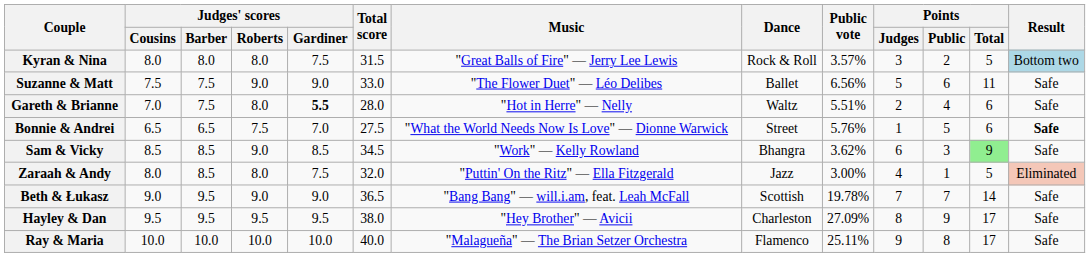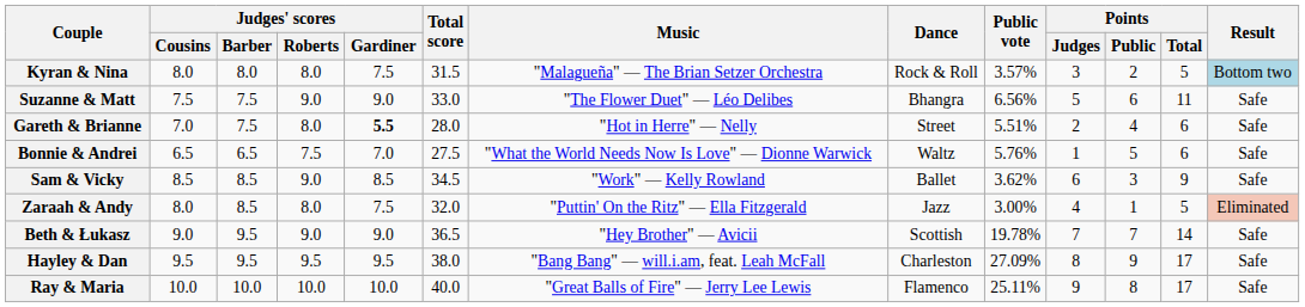 <table class="wikitable sortable" style="text-align:center; font-size:90%; width: 90%">
 <tr>
 <th scope="col" rowspan=2>Couple</th>
 <th scope="col" colspan=4 class="unsortable">Judges' scores</th>
 <th scope="col" rowspan=2>Total<br>score</th>
 <th scope="col" rowspan=2 class="unsortable">Music</th>
 <th scope="col" rowspan=2 class="unsortable">Dance</th>
 <th scope="col" rowspan=2>Public<br>vote</th>
 <th scope="col" colspan=3 class="unsortable">Points</th>
 <th scope="col" rowspan=2 class="unsortable">Result</th>
 </tr>
 <tr>
 <th class="unsortable">Cousins</th>
 <th class="unsortable">Barber</th>
 <th class="unsortable">Roberts</th>
 <th class="unsortable">Gardiner</th>
 <th class="unsortable">Judges</th>
 <th class="unsortable">Public</th>
 <th class="unsortable">Total</th>
 </tr>
 <tr>
 <th scope="row">Kyran & Nina</th>
 <td>8.0</td>
 <td>8.0</td>
 <td>8.0</td>
 <td>7.5</td>
 <td>31.5</td>
-<td>"<a href='#'>Great Balls of Fire</a>" — <a href='#'>Jerry Lee Lewis</a></td>
+<td>"<a href='#'>Malagueña</a>" — <a href='#'>The Brian Setzer Orchestra</a></td>
 <td>Rock & Roll</td>
 <td>3.57%</td>
 <td>3</td>
 <td>2</td>
 <td>5</td>
 <td bgcolor="lightblue">Bottom two</td>
 </tr>
 <tr>
 <th scope="row">Suzanne & Matt</th>
 <td>7.5</td>
 <td>7.5</td>
 <td>9.0</td>
 <td>9.0</td>
 <td>33.0</td>
 <td>"<a href='#'>The Flower Duet</a>" — <a href='#'>Léo Delibes</a></td>
-<td>Ballet</td>
+<td>Bhangra</td>
 <td>6.56%</td>
 <td>5</td>
 <td>6</td>
 <td>11</td>
 <td>Safe</td>
 </tr>
 <tr>
 <th scope="row">Gareth & Brianne</th>
 <td>7.0</td>
 <td>7.5</td>
 <td>8.0</td>
 <td><strong>5.5</strong></td>
 <td>28.0</td>
 <td>"<a href='#'>Hot in Herre</a>" — <a href='#'>Nelly</a></td>
-<td>Waltz</td>
+<td>Street</td>
 <td>5.51%</td>
 <td>2</td>
 <td>4</td>
 <td>6</td>
 <td>Safe</td>
 </tr>
 <tr>
 <th scope="row">Bonnie & Andrei</th>
 <td>6.5</td>
 <td>6.5</td>
 <td>7.5</td>
 <td>7.0</td>
 <td>27.5</td>
 <td>"<a href='#'>What the World Needs Now Is Love</a>" — <a href='#'>Dionne Warwick</a></td>
-<td>Street</td>
+<td>Waltz</td>
 <td>5.76%</td>
 <td>1</td>
 <td>5</td>
 <td>6</td>
-<td><strong>Safe</strong></td>
+<td>Safe</td>
 </tr>
 <tr>
 <th scope="row">Sam & Vicky</th>
 <td>8.5</td>
 <td>8.5</td>
 <td>9.0</td>
 <td>8.5</td>
 <td>34.5</td>
 <td>"<a href='#'>Work</a>" — <a href='#'>Kelly Rowland</a></td>
-<td>Bhangra</td>
+<td>Ballet</td>
 <td>3.62%</td>
 <td>6</td>
 <td>3</td>
-<td style="background: lightgreen;">9</td>
+<td>9</td>
 <td>Safe</td>
 </tr>
 <tr>
 <th scope="row">Zaraah & Andy</th>
 <td>8.0</td>
 <td>8.5</td>
 <td>8.0</td>
 <td>7.5</td>
 <td>32.0</td>
 <td>"<a href='#'>Puttin' On the Ritz</a>" — <a href='#'>Ella Fitzgerald</a></td>
 <td>Jazz</td>
 <td>3.00%</td>
 <td>4</td>
 <td>1</td>
 <td>5</td>
 <td bgcolor="f4c7b8">Eliminated</td>
 </tr>
 <tr>
 <th scope="row">Beth & Łukasz</th>
 <td>9.0</td>
 <td>9.5</td>
 <td>9.0</td>
 <td>9.0</td>
 <td>36.5</td>
-<td>"<a href='#'>Bang Bang</a>" — <a href='#'>will.i.am</a>, feat. <a href='#'>Leah McFall</a></td>
+<td>"<a href='#'>Hey Brother</a>" — <a href='#'>Avicii</a></td>
 <td>Scottish</td>
 <td>19.78%</td>
 <td>7</td>
 <td>7</td>
 <td>14</td>
 <td>Safe</td>
 </tr>
 <tr>
 <th scope="row">Hayley & Dan</th>
 <td>9.5</td>
 <td>9.5</td>
 <td>9.5</td>
 <td>9.5</td>
 <td>38.0</td>
-<td>"<a href='#'>Hey Brother</a>" — <a href='#'>Avicii</a></td>
+<td>"<a href='#'>Bang Bang</a>" — <a href='#'>will.i.am</a>, feat. <a href='#'>Leah McFall</a></td>
 <td>Charleston</td>
 <td>27.09%</td>
 <td>8</td>
 <td>9</td>
 <td>17</td>
 <td>Safe</td>
 </tr>
 <tr>
 <th scope="row">Ray & Maria</th>
 <td>10.0</td>
 <td>10.0</td>
 <td>10.0</td>
 <td>10.0</td>
 <td>40.0</td>
-<td>"<a href='#'>Malagueña</a>" — <a href='#'>The Brian Setzer Orchestra</a></td>
+<td>"<a href='#'>Great Balls of Fire</a>" — <a href='#'>Jerry Lee Lewis</a></td>
 <td>Flamenco</td>
 <td>25.11%</td>
 <td>9</td>
 <td>8</td>
 <td>17</td>
 <td>Safe</td>
 </tr>
 </table>
